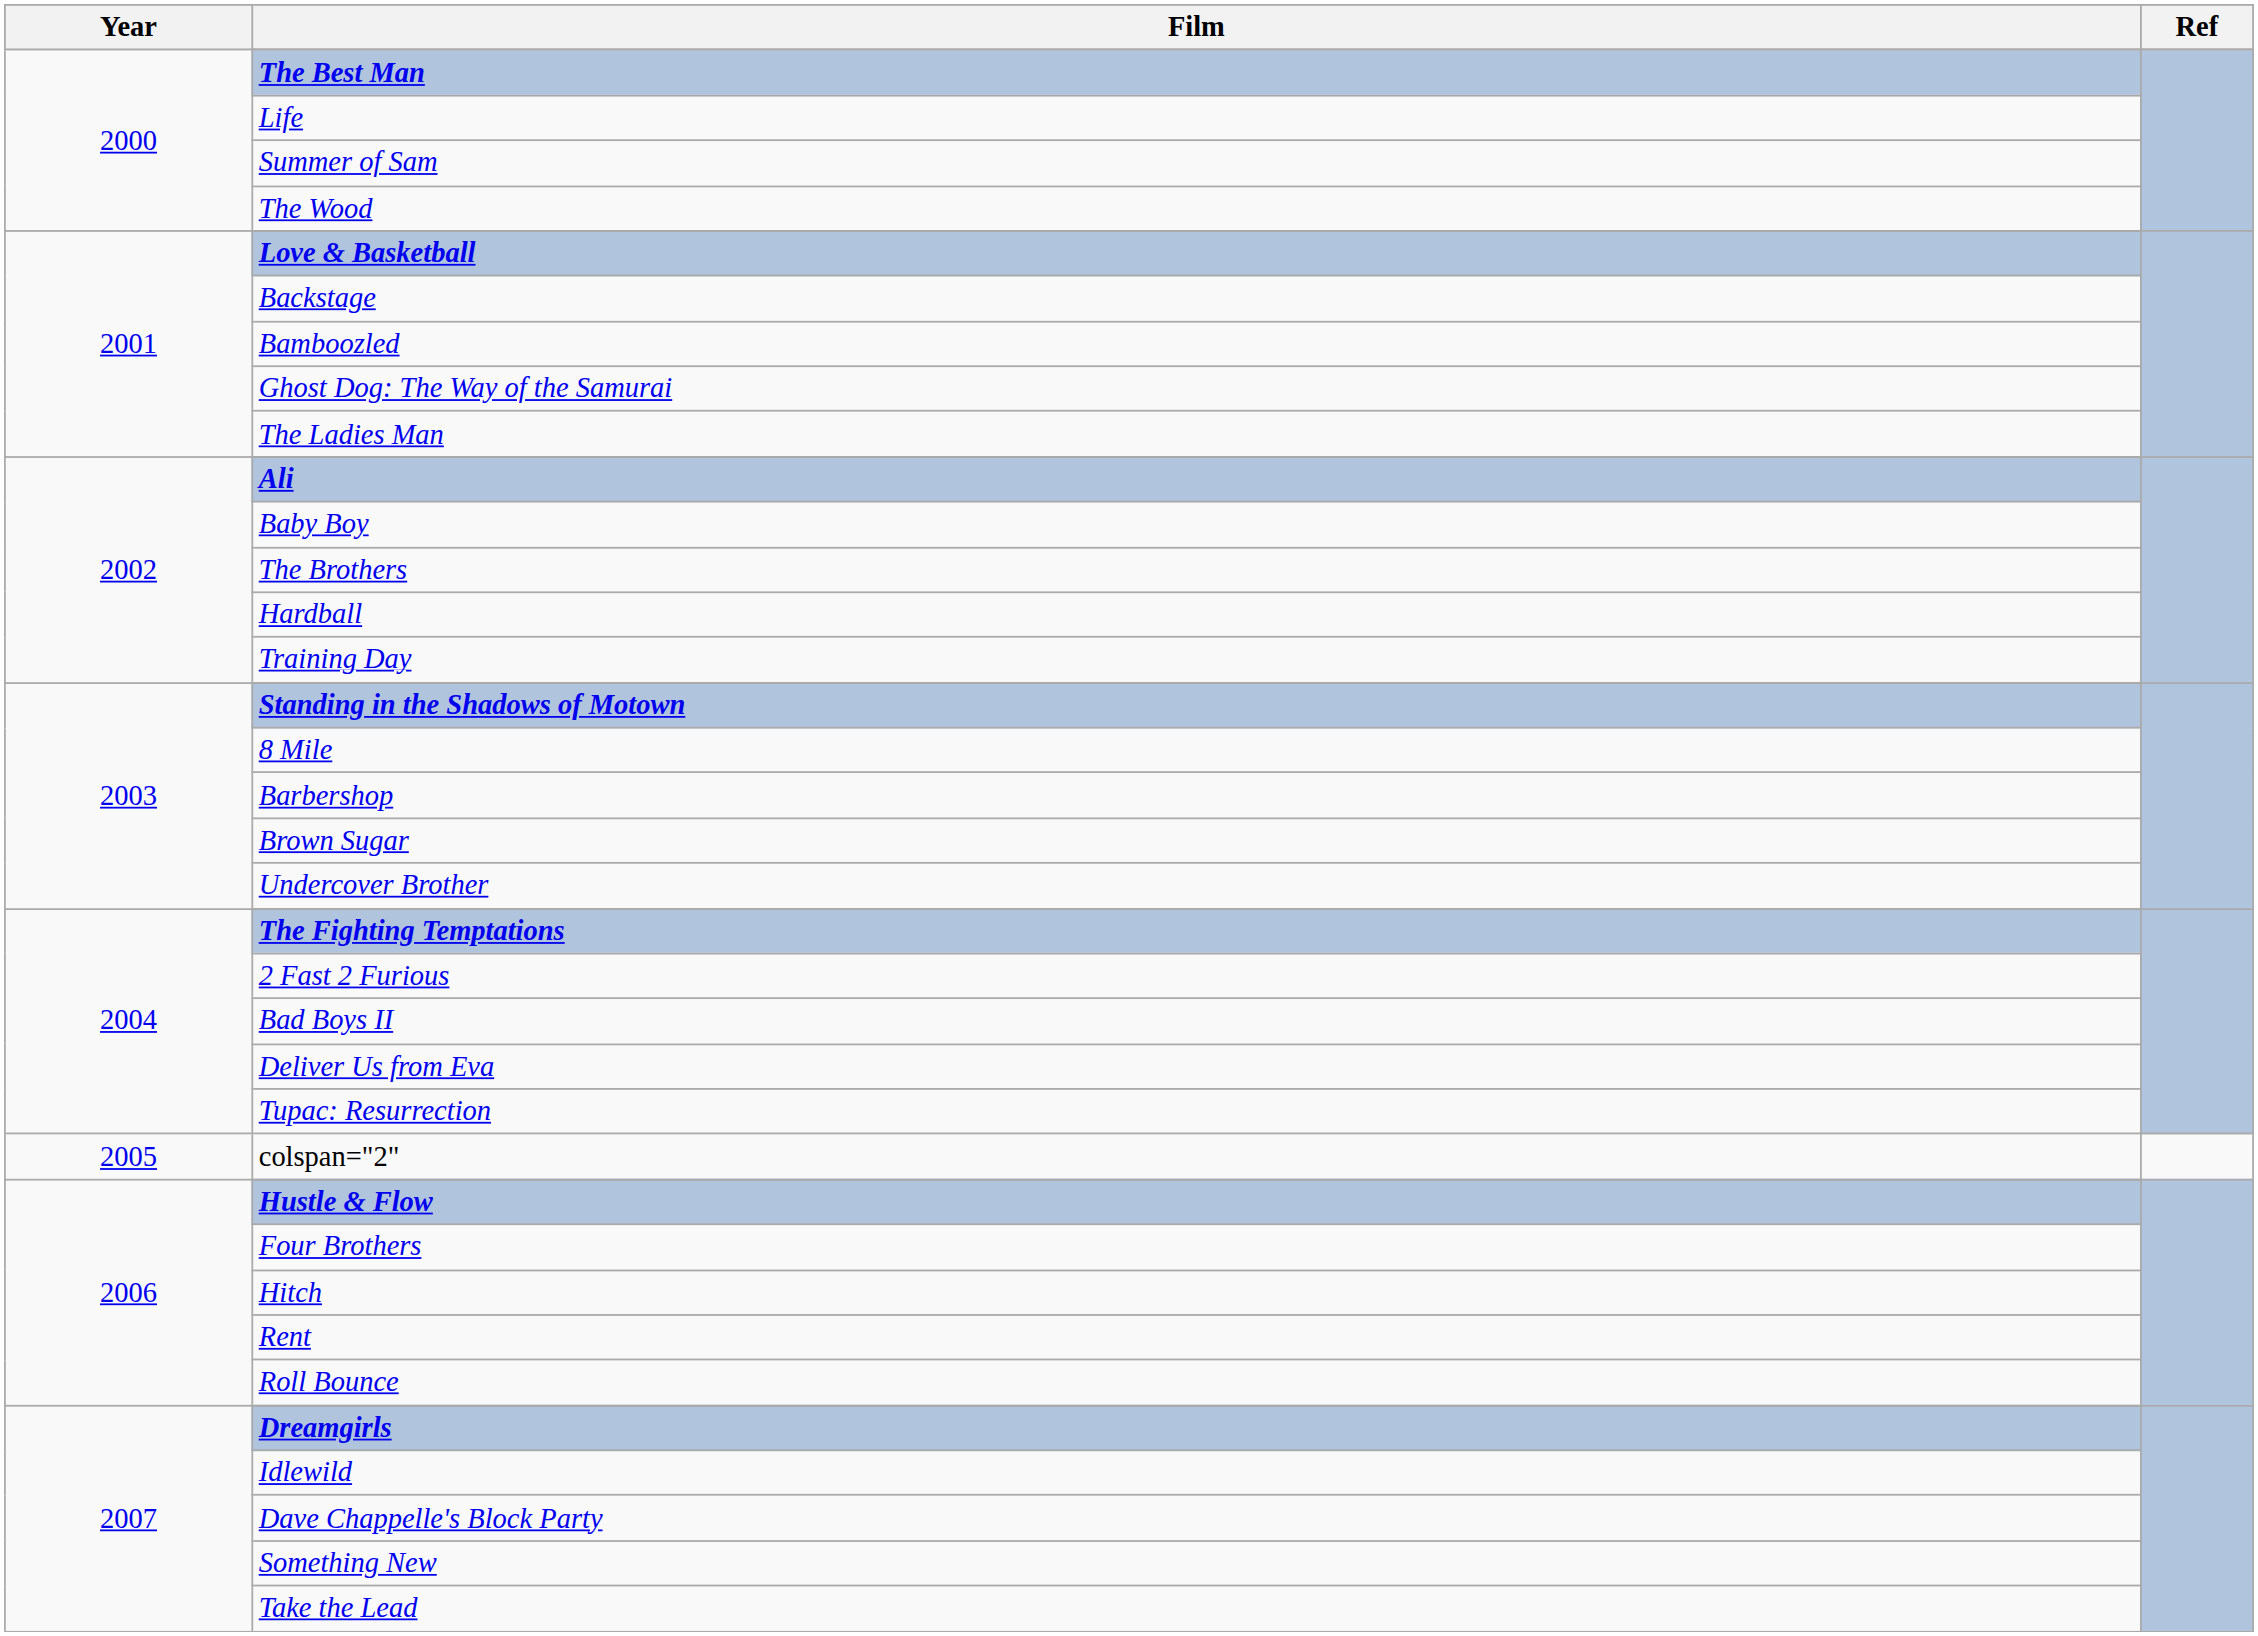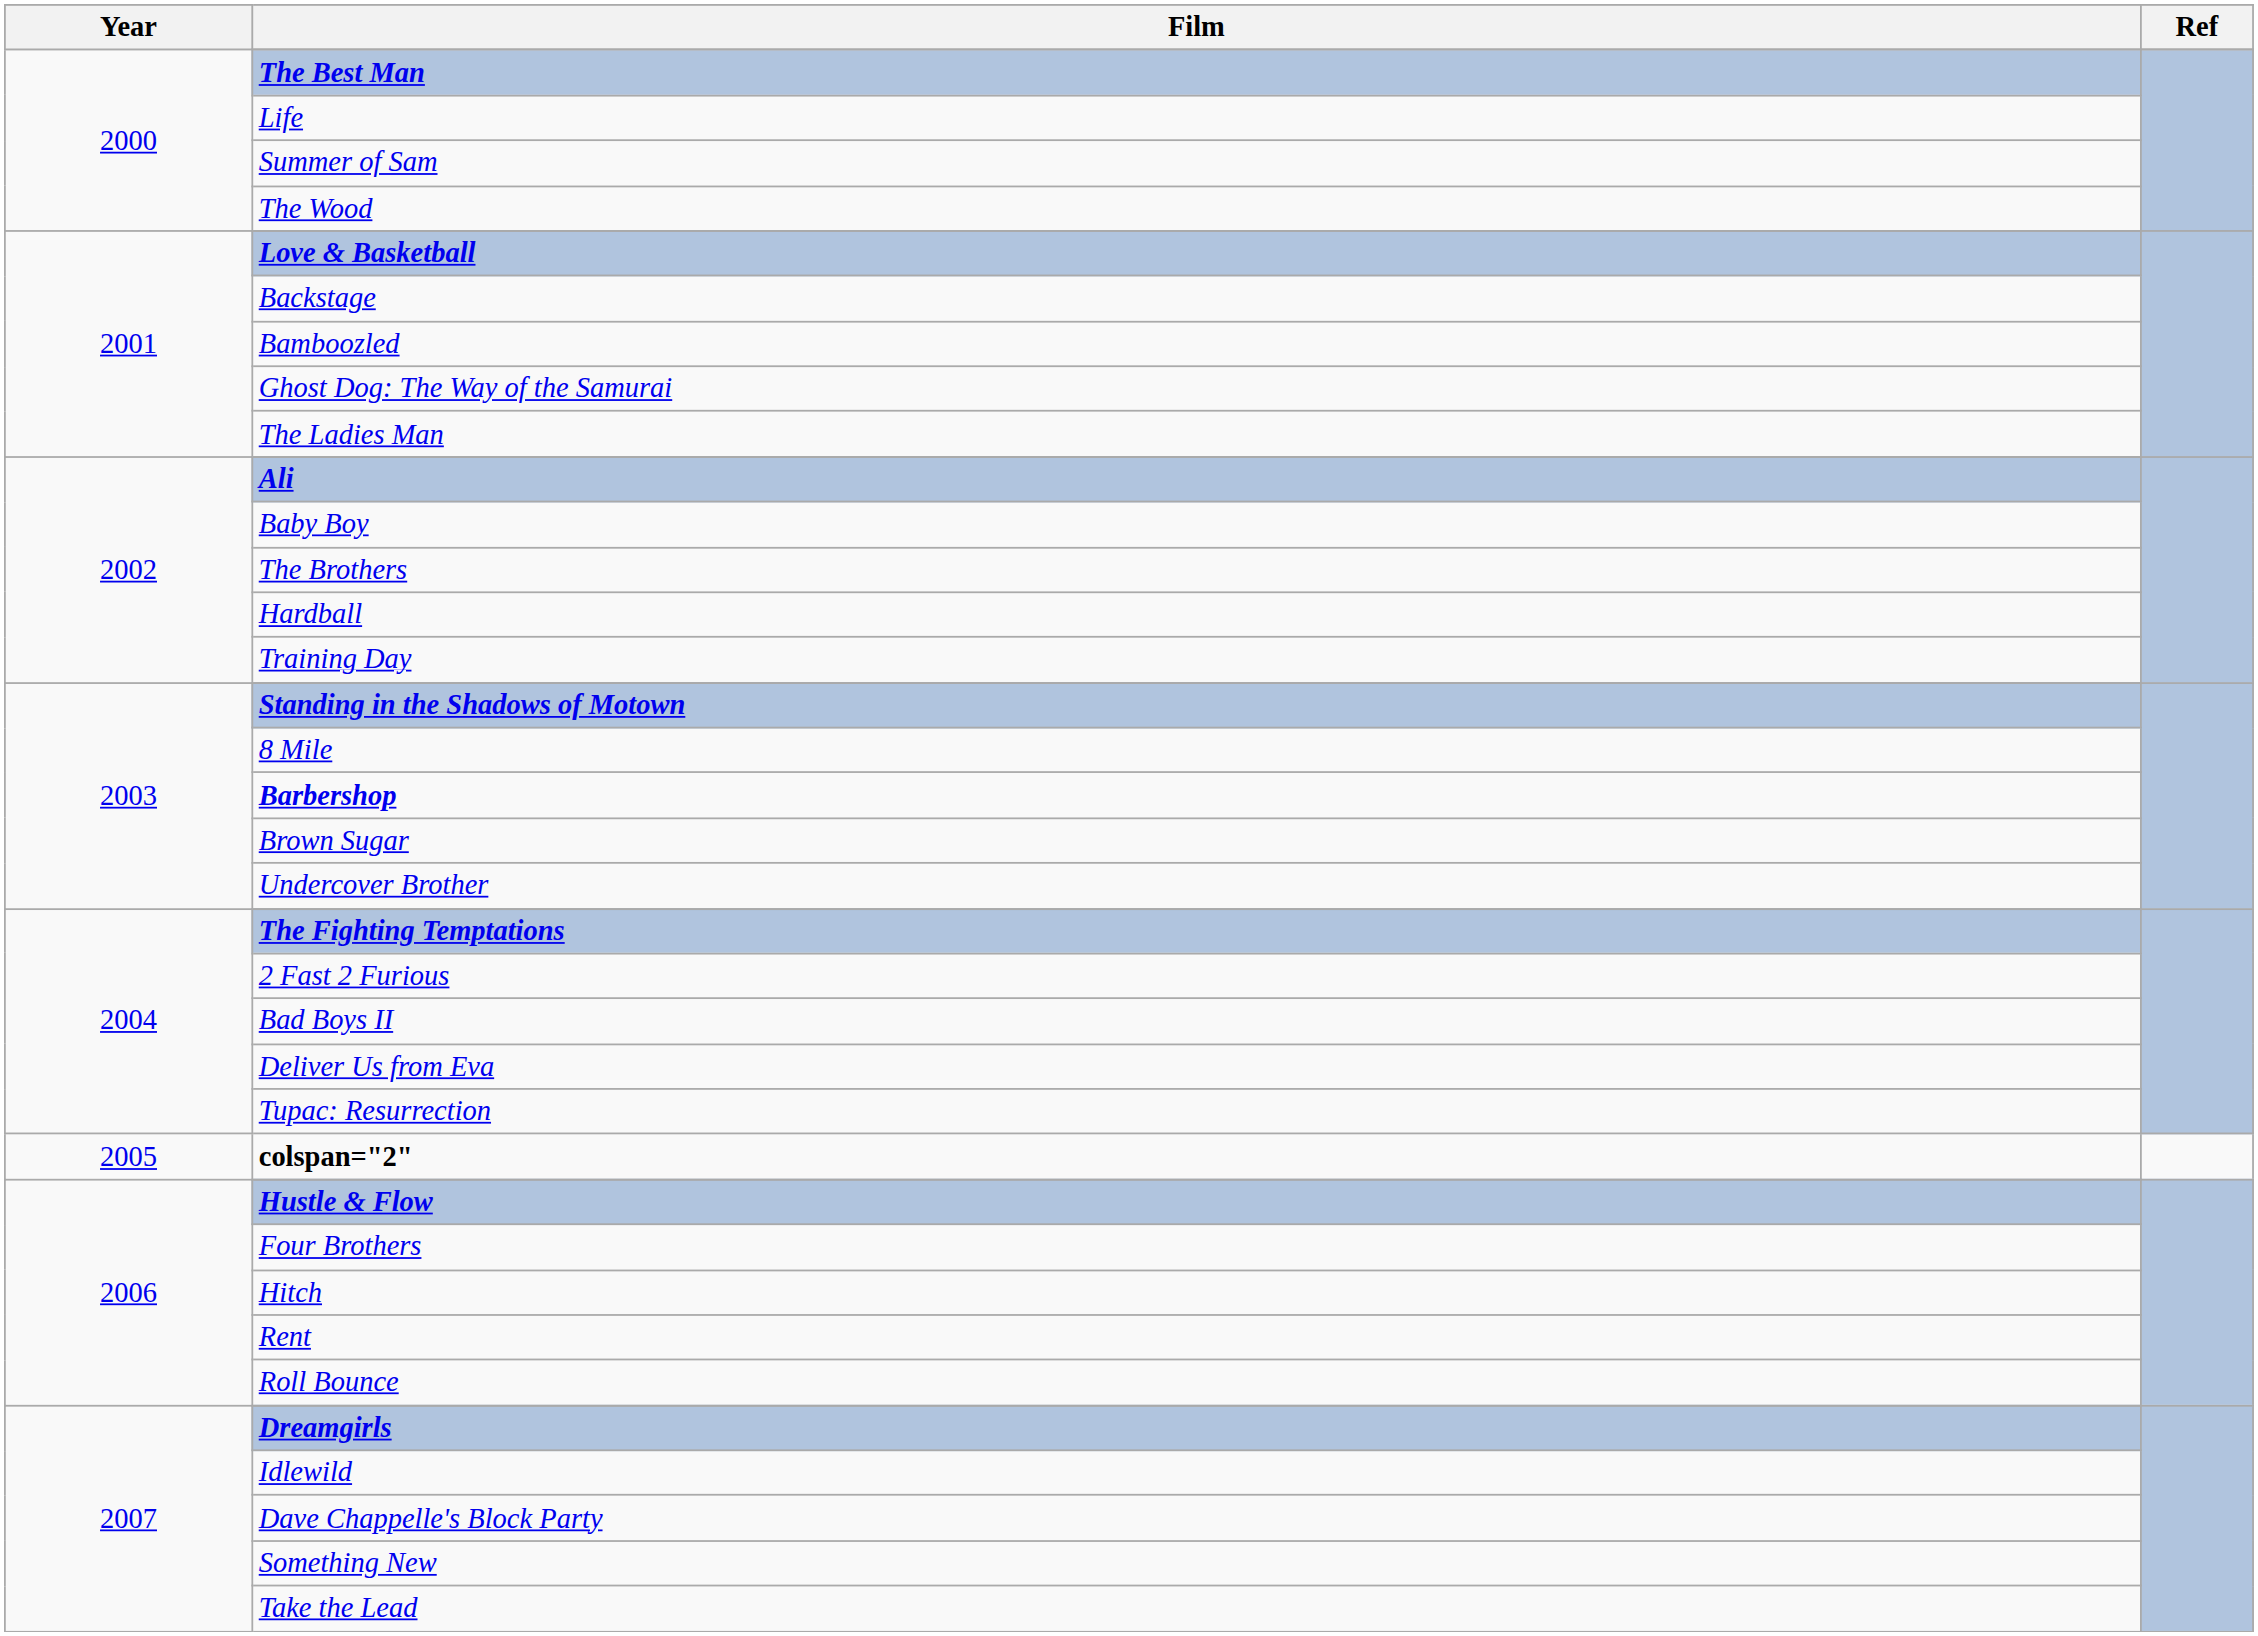 <table class="wikitable" style="width:100%;">
 <tr style="background:#bebebe;">
 <th style="width:11%;">Year</th>
 <th style="width:84%;">Film</th>
 <th style="width:5%;">Ref</th>
 </tr>
 <tr>
 <td rowspan="5" align="center"><a href='#'>2000</a></td>
 </tr>
 <tr style="background:#B0C4DE">
 <td><strong><em><a href='#'>The Best Man</a></em></strong></td>
 <td rowspan="5" align="center"></td>
 </tr>
 <tr>
 <td><em><a href='#'>Life</a></em></td>
 </tr>
 <tr>
 <td><em><a href='#'>Summer of Sam</a></em></td>
 </tr>
 <tr>
 <td><em><a href='#'>The Wood</a></em></td>
 </tr>
 <tr>
 <td rowspan="6" align="center"><a href='#'>2001</a></td>
 </tr>
 <tr style="background:#B0C4DE">
 <td><strong><em><a href='#'>Love & Basketball</a></em></strong></td>
 <td rowspan="6" align="center"></td>
 </tr>
 <tr>
 <td><em><a href='#'>Backstage</a></em></td>
 </tr>
 <tr>
 <td><em><a href='#'>Bamboozled</a></em></td>
 </tr>
 <tr>
 <td><em><a href='#'>Ghost Dog: The Way of the Samurai</a></em></td>
 </tr>
 <tr>
 <td><em><a href='#'>The Ladies Man</a></em></td>
 </tr>
 <tr>
 <td rowspan="6" align="center"><a href='#'>2002</a></td>
 </tr>
 <tr style="background:#B0C4DE">
 <td><strong><em><a href='#'>Ali</a></em></strong></td>
 <td rowspan="6" align="center"></td>
 </tr>
 <tr>
 <td><em><a href='#'>Baby Boy</a></em></td>
 </tr>
 <tr>
 <td><em><a href='#'>The Brothers</a></em></td>
 </tr>
 <tr>
 <td><em><a href='#'>Hardball</a></em></td>
 </tr>
 <tr>
 <td><em><a href='#'>Training Day</a></em></td>
 </tr>
 <tr>
 <td rowspan="6" align="center"><a href='#'>2003</a></td>
 </tr>
 <tr style="background:#B0C4DE">
 <td><strong><em><a href='#'>Standing in the Shadows of Motown</a></em></strong></td>
 <td rowspan="6" align="center"></td>
 </tr>
 <tr>
 <td><em><a href='#'>8 Mile</a></em></td>
 </tr>
 <tr>
-<td><em><a href='#'>Barbershop</a></em></td>
+<td><strong><em><a href='#'>Barbershop</a></em></strong></td>
 </tr>
 <tr>
 <td><em><a href='#'>Brown Sugar</a></em></td>
 </tr>
 <tr>
 <td><em><a href='#'>Undercover Brother</a></em></td>
 </tr>
 <tr>
 <td rowspan="6" align="center"><a href='#'>2004</a></td>
 </tr>
 <tr style="background:#B0C4DE">
 <td><strong><em><a href='#'>The Fighting Temptations</a></em></strong></td>
 <td rowspan="5" align="center"></td>
 </tr>
 <tr>
 <td><em><a href='#'>2 Fast 2 Furious</a></em></td>
 </tr>
 <tr>
 <td><em><a href='#'>Bad Boys II</a></em></td>
 </tr>
 <tr>
 <td><em><a href='#'>Deliver Us from Eva</a></em></td>
 </tr>
 <tr>
 <td><em><a href='#'>Tupac: Resurrection</a></em></td>
 </tr>
 <tr>
 <td align="center"><a href='#'>2005</a></td>
-<td>colspan="2" </td>
+<td><strong>colspan="2" </strong></td>
 </tr>
 <tr>
 <td rowspan="6" align="center"><a href='#'>2006</a></td>
 </tr>
 <tr style="background:#B0C4DE">
 <td><strong><em><a href='#'>Hustle & Flow</a></em></strong></td>
 <td rowspan="6" align="center"></td>
 </tr>
 <tr>
 <td><em><a href='#'>Four Brothers</a></em></td>
 </tr>
 <tr>
 <td><em><a href='#'>Hitch</a></em></td>
 </tr>
 <tr>
 <td><em><a href='#'>Rent</a></em></td>
 </tr>
 <tr>
 <td><em><a href='#'>Roll Bounce</a></em></td>
 </tr>
 <tr>
 <td rowspan="6" align="center"><a href='#'>2007</a></td>
 </tr>
 <tr style="background:#B0C4DE">
 <td><strong><em><a href='#'>Dreamgirls</a></em></strong></td>
 <td rowspan="6" align="center"></td>
 </tr>
 <tr>
 <td><em><a href='#'>Idlewild</a></em></td>
 </tr>
 <tr>
 <td><em><a href='#'>Dave Chappelle's Block Party</a></em></td>
 </tr>
 <tr>
 <td><em><a href='#'>Something New</a></em></td>
 </tr>
 <tr>
 <td><em><a href='#'>Take the Lead</a></em></td>
 </tr>
 </table>
